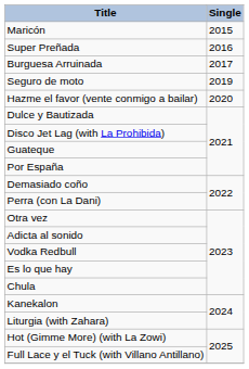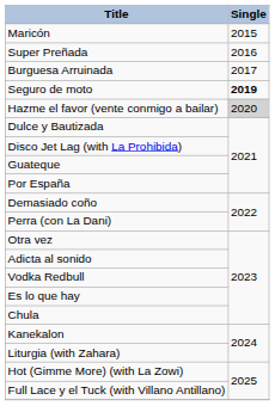 <table class="wikitable">
 <tr>
 <th style="background: #B0C4DE;">Title</th>
 <th style="background: #B0C4DE;">Single</th>
 </tr>
 <tr>
 <td>Maricón</td>
 <td>2015</td>
 </tr>
 <tr>
 <td>Super Preñada</td>
 <td>2016</td>
 </tr>
 <tr>
 <td>Burguesa Arruinada</td>
 <td>2017</td>
 </tr>
 <tr>
 <td>Seguro de moto</td>
-<td>2019</td>
+<td><strong>2019</strong></td>
 </tr>
 <tr>
 <td>Hazme el favor (vente conmigo a bailar)</td>
-<td>2020</td>
+<td style="background: lightgrey;">2020</td>
 </tr>
 <tr>
 <td>Dulce y Bautizada</td>
 <td rowspan="4">2021</td>
 </tr>
 <tr>
 <td>Disco Jet Lag (with <a href='#'>La Prohibida</a>)</td>
 </tr>
 <tr>
 <td>Guateque</td>
 </tr>
 <tr>
 <td>Por España</td>
 </tr>
 <tr>
 <td>Demasiado coño</td>
 <td rowspan="2">2022</td>
 </tr>
 <tr>
 <td>Perra (con La Dani)</td>
 </tr>
 <tr>
 <td>Otra vez</td>
 <td rowspan="5">2023</td>
 </tr>
 <tr>
 <td>Adicta al sonido</td>
 </tr>
 <tr>
 <td>Vodka Redbull</td>
 </tr>
 <tr>
 <td>Es lo que hay</td>
 </tr>
 <tr>
 <td>Chula</td>
 </tr>
 <tr>
 <td>Kanekalon</td>
 <td rowspan="2">2024</td>
 </tr>
 <tr>
 <td>Liturgia (with Zahara)</td>
 </tr>
 <tr>
 <td>Hot (Gimme More) (with La Zowi)</td>
 <td rowspan="2">2025</td>
 </tr>
 <tr>
 <td>Full Lace y el Tuck (with Villano Antillano)</td>
 </tr>
 <tr>
 </tr>
 </table>
